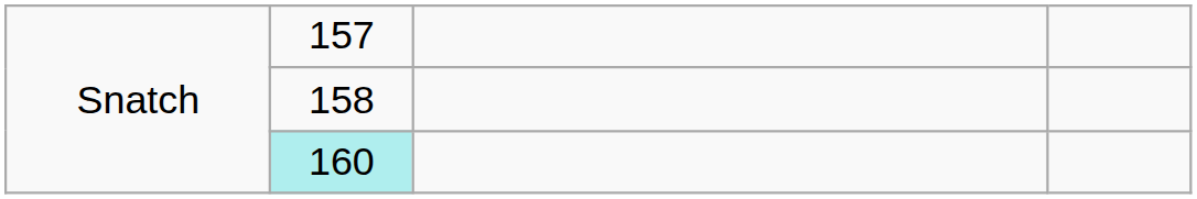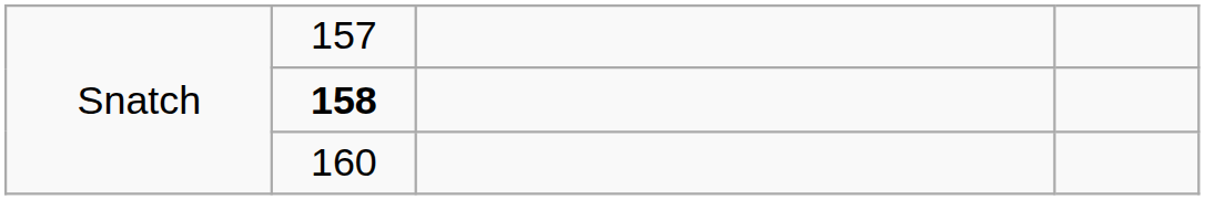 <table class = "wikitable" style="text-align:center;">
 <tr>
 <td width=100 rowspan=3>Snatch</td>
 <td width=50>157</td>
 <td width=250 align=left></td>
 <td width=50></td>
 </tr>
 <tr>
-<td>158</td>
+<td><strong>158</strong></td>
 <td align=left></td>
 <td></td>
 </tr>
 <tr>
-<td style="background: paleturquoise;">160</td>
+<td>160</td>
 <td align=left></td>
 <td></td>
 </tr>
 </table>
